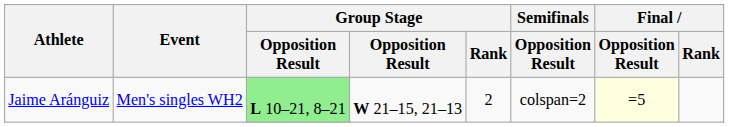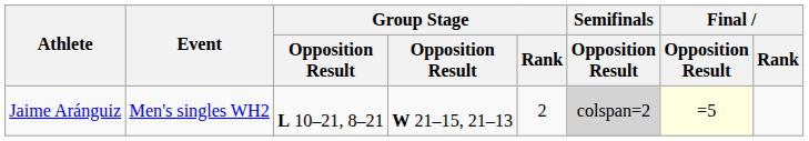 <table class=wikitable style="font-size:90%">
 <tr align=center>
 <th rowspan="2">Athlete</th>
 <th rowspan="2">Event</th>
 <th colspan="3">Group Stage</th>
 <th>Semifinals</th>
 <th colspan="2">Final / </th>
 </tr>
 <tr>
 <th>Opposition<br>Result</th>
 <th>Opposition<br>Result</th>
 <th>Rank</th>
 <th>Opposition<br>Result</th>
 <th>Opposition<br>Result</th>
 <th>Rank</th>
 </tr>
 <tr align=center>
 <td align=left><a href='#'>Jaime Aránguiz</a></td>
 <td align=left><a href='#'>Men's singles WH2</a></td>
-<td style="background: lightgreen;"><br> <strong>L</strong> 10–21, 8–21</td>
+<td><br> <strong>L</strong> 10–21, 8–21</td>
 <td><br> <strong>W</strong> 21–15, 21–13</td>
 <td>2</td>
-<td>colspan=2  </td>
+<td style="background: lightgrey;">colspan=2  </td>
 <td style="background: lightyellow;">=5</td>
 </tr>
 </table>
